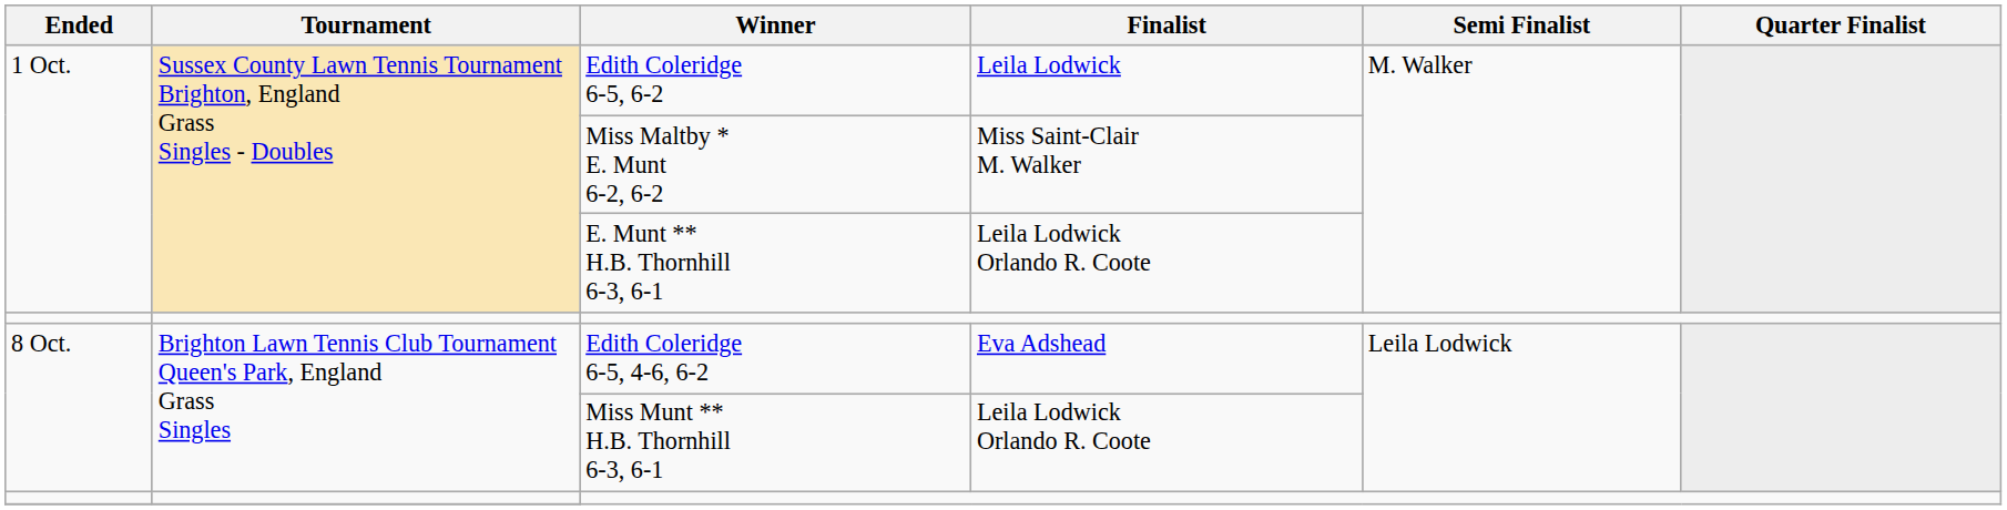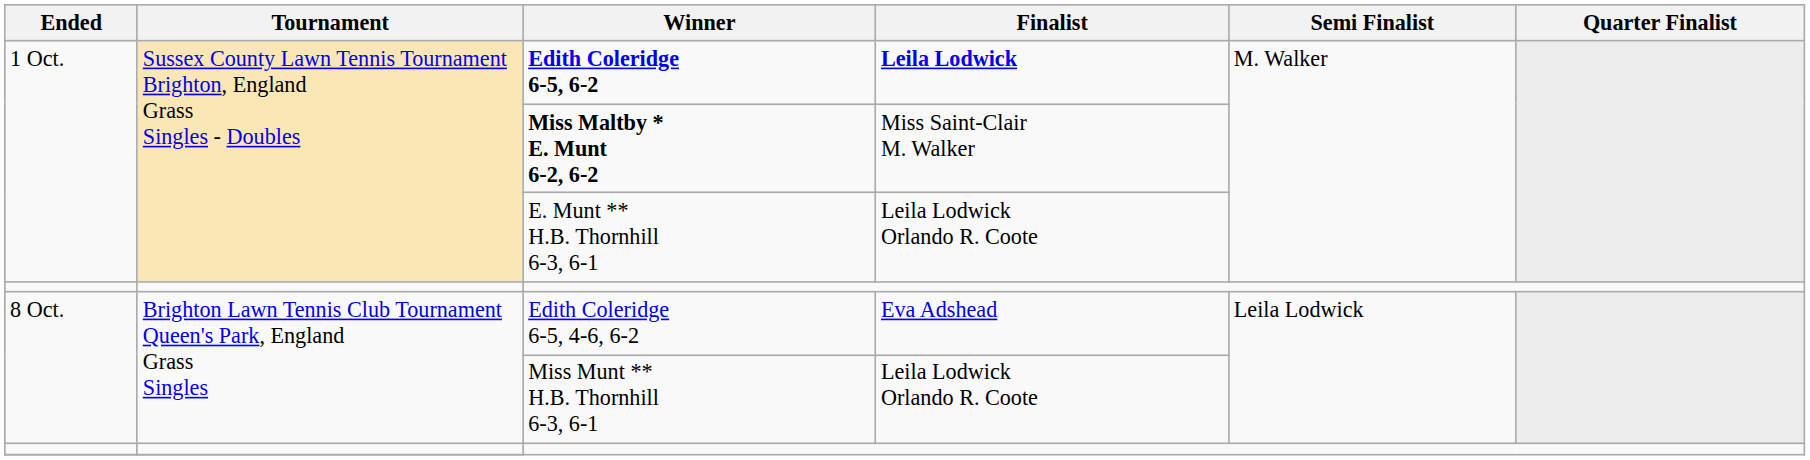 <table class="wikitable" style="font-size:85%;">
 <tr>
 <th width="75">Ended</th>
 <th width="230">Tournament</th>
 <th width="210">Winner</th>
 <th width="210">Finalist</th>
 <th width="170">Semi Finalist</th>
 <th width="170">Quarter Finalist</th>
 </tr>
 <tr valign=top>
 <td rowspan=3>1 Oct.</td>
 <td style="background:#fae7b5" rowspan=3><a href='#'>Sussex County Lawn Tennis Tournament</a><br><a href='#'>Brighton</a>, England<br>Grass<br><a href='#'>Singles</a> - <a href='#'>Doubles</a></td>
-<td> <a href='#'>Edith Coleridge</a><br>6-5, 6-2</td>
-<td> <a href='#'>Leila Lodwick</a></td>
+<td><strong> <a href='#'>Edith Coleridge</a><br>6-5, 6-2</strong></td>
+<td><strong> <a href='#'>Leila Lodwick</a></strong></td>
 <td rowspan=3> M. Walker</td>
 <td style="background:#ededed;" rowspan=3></td>
 </tr>
 <tr valign=top>
-<td> Miss Maltby * <br> E. Munt<br>6-2, 6-2</td>
+<td><strong> Miss Maltby * <br> E. Munt<br>6-2, 6-2</strong></td>
 <td> Miss Saint-Clair<br> M. Walker</td>
 </tr>
 <tr valign=top>
 <td> E. Munt ** <br> H.B. Thornhill<br>6-3, 6-1</td>
 <td> Leila Lodwick<br> Orlando R. Coote</td>
 </tr>
 <tr valign=top>
 <td></td>
 <td></td>
 </tr>
 <tr valign=top>
 <td rowspan=2>8 Oct.</td>
 <td rowspan=2><a href='#'>Brighton Lawn Tennis Club Tournament</a><br> <a href='#'>Queen's Park</a>, England<br>Grass<br><a href='#'>Singles</a></td>
 <td> <a href='#'>Edith Coleridge</a><br>6-5, 4-6, 6-2</td>
 <td>  <a href='#'>Eva Adshead</a></td>
 <td rowspan=2>  Leila Lodwick</td>
 <td style="background:#ededed;" rowspan=2></td>
 </tr>
 <tr valign=top>
 <td>  Miss Munt ** <br>  H.B. Thornhill<br>6-3, 6-1</td>
 <td>  Leila Lodwick<br>  Orlando R. Coote</td>
 </tr>
 <tr valign=top>
 <td></td>
 <td></td>
 </tr>
 <tr valign=top>
 </tr>
 </table>
